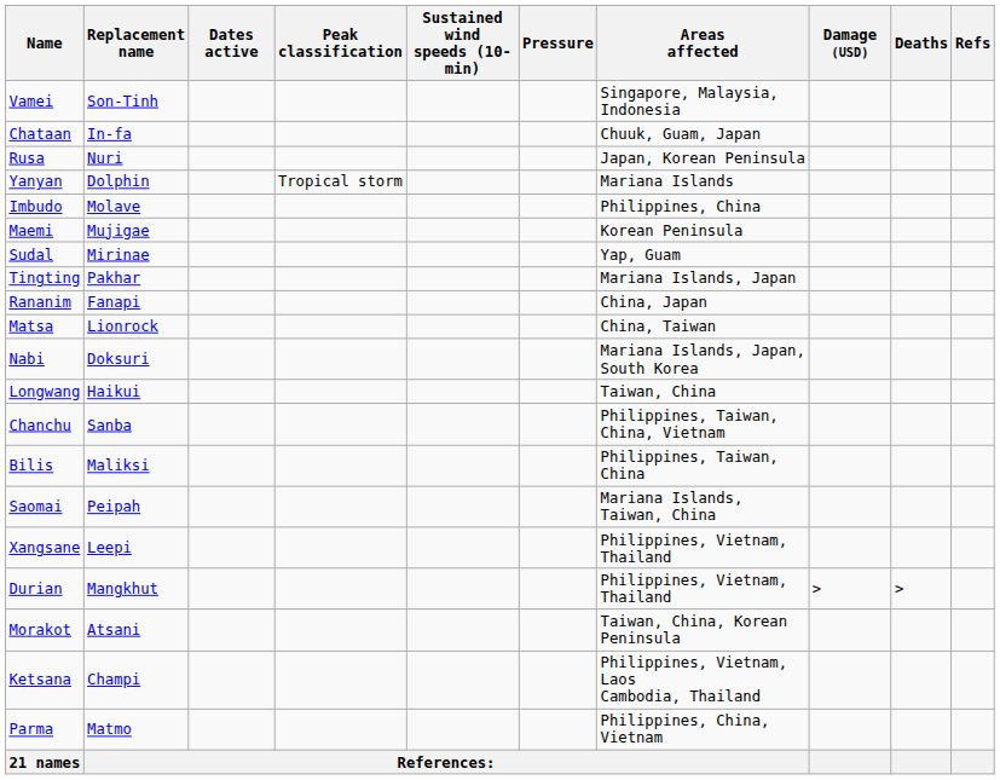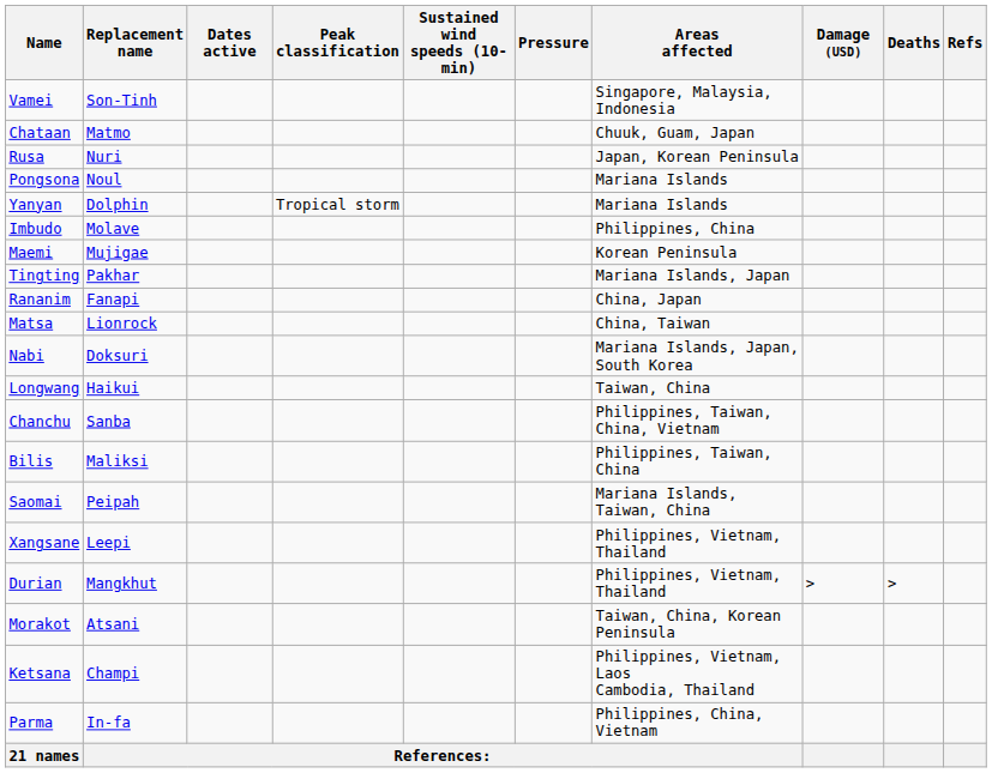 <table class="wikitable sortable">
 <tr>
 <th scope="col">Name</th>
 <th scope="col">Replacement<br>name</th>
 <th scope="col">Dates active</th>
 <th scope="col">Peak<br>classification</th>
 <th scope="col">Sustained wind<br>speeds (10-min)</th>
 <th scope="col">Pressure</th>
 <th scope="col" class="unsortable">Areas<br>affected</th>
 <th scope="col">Damage <small>(USD)</small></th>
 <th scope="col">Deaths</th>
 <th scope="col" class="unsortable">Refs</th>
 </tr>
 <tr>
 <td><a href='#'>Vamei</a></td>
 <td><a href='#'>Son-Tinh</a></td>
 <td></td>
 <td></td>
 <td></td>
 <td></td>
 <td>Singapore, Malaysia, Indonesia</td>
 <td></td>
 <td></td>
 <td></td>
 </tr>
 <tr>
 <td><a href='#'>Chataan</a></td>
-<td><a href='#'>In-fa</a></td>
+<td><a href='#'>Matmo</a></td>
 <td></td>
 <td></td>
 <td></td>
 <td></td>
 <td>Chuuk, Guam, Japan</td>
 <td></td>
 <td></td>
 <td></td>
 </tr>
 <tr>
 <td><a href='#'>Rusa</a></td>
 <td><a href='#'>Nuri</a></td>
 <td></td>
 <td></td>
 <td></td>
 <td></td>
 <td>Japan, Korean Peninsula</td>
+<td></td>
+<td></td>
+<td></td>
+</tr>
+<tr>
+<td><a href='#'>Pongsona</a></td>
+<td><a href='#'>Noul</a></td>
+<td></td>
+<td></td>
+<td></td>
+<td></td>
+<td>Mariana Islands</td>
 <td></td>
 <td></td>
 <td></td>
 </tr>
 <tr>
 <td><a href='#'>Yanyan</a></td>
 <td><a href='#'>Dolphin</a></td>
 <td></td>
 <td>Tropical storm</td>
 <td></td>
 <td></td>
 <td>Mariana Islands</td>
 <td></td>
 <td></td>
 <td></td>
 </tr>
 <tr>
 <td><a href='#'>Imbudo</a></td>
 <td><a href='#'>Molave</a></td>
 <td></td>
 <td></td>
 <td></td>
 <td></td>
 <td>Philippines, China</td>
 <td></td>
 <td></td>
 <td></td>
 </tr>
 <tr>
 <td><a href='#'>Maemi</a></td>
 <td><a href='#'>Mujigae</a></td>
 <td></td>
 <td></td>
 <td></td>
 <td></td>
 <td>Korean Peninsula</td>
-<td></td>
-<td></td>
-<td></td>
-</tr>
-<tr>
-<td><a href='#'>Sudal</a></td>
-<td><a href='#'>Mirinae</a></td>
-<td></td>
-<td></td>
-<td></td>
-<td></td>
-<td>Yap, Guam</td>
 <td></td>
 <td></td>
 <td></td>
 </tr>
 <tr>
 <td><a href='#'>Tingting</a></td>
 <td><a href='#'>Pakhar</a></td>
 <td></td>
 <td></td>
 <td></td>
 <td></td>
 <td>Mariana Islands, Japan</td>
 <td></td>
 <td></td>
 <td></td>
 </tr>
 <tr>
 <td><a href='#'>Rananim</a></td>
 <td><a href='#'>Fanapi</a></td>
 <td></td>
 <td></td>
 <td></td>
 <td></td>
 <td>China, Japan</td>
 <td></td>
 <td></td>
 <td></td>
 </tr>
 <tr>
 <td><a href='#'>Matsa</a></td>
 <td><a href='#'>Lionrock</a></td>
 <td></td>
 <td></td>
 <td></td>
 <td></td>
 <td>China, Taiwan</td>
 <td></td>
 <td></td>
 <td></td>
 </tr>
 <tr>
 <td><a href='#'>Nabi</a></td>
 <td><a href='#'>Doksuri</a></td>
 <td></td>
 <td></td>
 <td></td>
 <td></td>
 <td>Mariana Islands, Japan, South Korea</td>
 <td></td>
 <td></td>
 <td></td>
 </tr>
 <tr>
 <td><a href='#'>Longwang</a></td>
 <td><a href='#'>Haikui</a></td>
 <td></td>
 <td></td>
 <td></td>
 <td></td>
 <td>Taiwan, China</td>
 <td></td>
 <td></td>
 <td><br></td>
 </tr>
 <tr>
 <td><a href='#'>Chanchu</a></td>
 <td><a href='#'>Sanba</a></td>
 <td></td>
 <td></td>
 <td></td>
 <td></td>
 <td>Philippines, Taiwan, China, Vietnam</td>
 <td></td>
 <td></td>
 <td></td>
 </tr>
 <tr>
 <td><a href='#'>Bilis</a></td>
 <td><a href='#'>Maliksi</a></td>
 <td></td>
 <td></td>
 <td></td>
 <td></td>
 <td>Philippines, Taiwan, China</td>
 <td></td>
 <td></td>
 <td></td>
 </tr>
 <tr>
 <td><a href='#'>Saomai</a></td>
 <td><a href='#'>Peipah</a></td>
 <td></td>
 <td></td>
 <td></td>
 <td></td>
 <td>Mariana Islands, Taiwan, China</td>
 <td></td>
 <td></td>
 <td></td>
 </tr>
 <tr>
 <td><a href='#'>Xangsane</a></td>
 <td><a href='#'>Leepi</a></td>
 <td></td>
 <td></td>
 <td></td>
 <td></td>
 <td>Philippines, Vietnam, Thailand</td>
 <td></td>
 <td></td>
 <td></td>
 </tr>
 <tr>
 <td><a href='#'>Durian</a></td>
 <td><a href='#'>Mangkhut</a></td>
 <td></td>
 <td></td>
 <td></td>
 <td></td>
 <td>Philippines, Vietnam, Thailand</td>
 <td>></td>
 <td>></td>
 <td></td>
 </tr>
 <tr>
 <td><a href='#'>Morakot</a></td>
 <td><a href='#'>Atsani</a></td>
 <td></td>
 <td></td>
 <td></td>
 <td></td>
 <td>Taiwan, China, Korean Peninsula</td>
 <td></td>
 <td></td>
 <td></td>
 </tr>
 <tr>
 <td><a href='#'>Ketsana</a></td>
 <td><a href='#'>Champi</a></td>
 <td></td>
 <td></td>
 <td></td>
 <td></td>
 <td>Philippines, Vietnam, Laos<br>Cambodia, Thailand</td>
 <td></td>
 <td></td>
 <td></td>
 </tr>
 <tr>
 <td><a href='#'>Parma</a></td>
-<td><a href='#'>Matmo</a></td>
+<td><a href='#'>In-fa</a></td>
 <td></td>
 <td></td>
 <td></td>
 <td></td>
 <td>Philippines, China, Vietnam</td>
 <td></td>
 <td></td>
 <td></td>
 </tr>
 <tr class="sortbottom">
 <th>21 names</th>
 <th colspan=6>References:</th>
 <th></th>
 <th></th>
 <th></th>
 </tr>
 </table>
